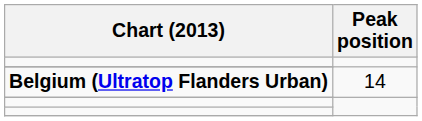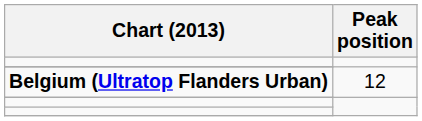 <table class="wikitable sortable">
 <tr>
 <th>Chart (2013)</th>
 <th>Peak<br>position</th>
 </tr>
 <tr>
 <td></td>
 </tr>
 <tr>
 </tr>
 <tr>
 <td><strong>Belgium (<a href='#'>Ultratop</a> Flanders Urban)</strong></td>
-<td align=center>14</td>
+<td align=center>12</td>
 </tr>
 <tr>
 </tr>
 <tr>
 </tr>
 <tr>
 </tr>
 <tr>
 </tr>
 <tr>
 </tr>
 <tr>
 </tr>
 <tr>
 <td></td>
 </tr>
 <tr>
 <td></td>
 </tr>
 <tr>
 </tr>
 <tr>
 </tr>
 <tr>
 </tr>
 </table>
